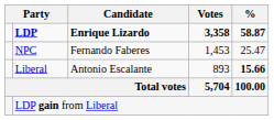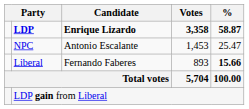 <table class="wikitable" style="font-size:90%; text-align:right;">
 <tr>
 <th colspan="2" style="width:75px;">Party</th>
 <th style="width:150px;">Candidate</th>
 <th style="width:50px;">Votes</th>
 <th style="width:10px;">%</th>
 </tr>
 <tr>
 <td style="background:"></td>
 <td style="text-align:left;"><strong><a href='#'>LDP</a></strong></td>
 <td style="text-align:left;"><strong>Enrique Lizardo</strong></td>
 <td><strong>3,358</strong></td>
 <td><strong>58.87</strong></td>
 </tr>
 <tr>
 <td style="background:"></td>
 <td style="text-align:left;"><a href='#'>NPC</a></td>
-<td style="text-align:left;">Fernando Faberes</td>
+<td style="text-align:left;">Antonio Escalante</td>
 <td>1,453</td>
 <td>25.47</td>
 </tr>
 <tr>
 <td style="background:"></td>
 <td style="text-align:left;"><a href='#'>Liberal</a></td>
-<td style="text-align:left;">Antonio Escalante</td>
+<td style="text-align:left;">Fernando Faberes</td>
 <td>893</td>
 <td><strong>15.66</strong></td>
 </tr>
 <tr style="background-color:#F6F6F6">
 <th colspan="3" style="text-align:right;">Total votes</th>
 <td><strong>5,704</strong></td>
 <td><strong>100.00</strong></td>
 </tr>
 <tr style="background-color:#F6F6F6">
 <td style="background:"></td>
 <td colspan="4" style="text-align:left;"><a href='#'>LDP</a> <strong>gain</strong> from <a href='#'>Liberal</a></td>
 </tr>
 </table>
